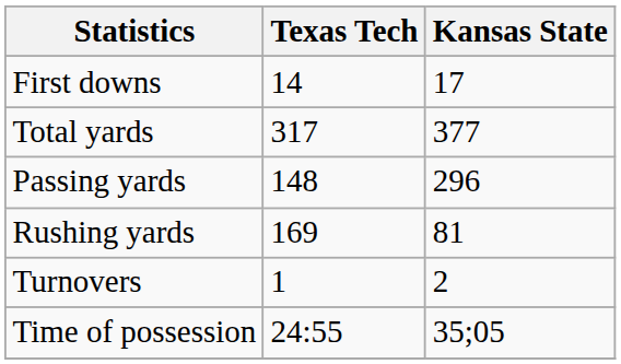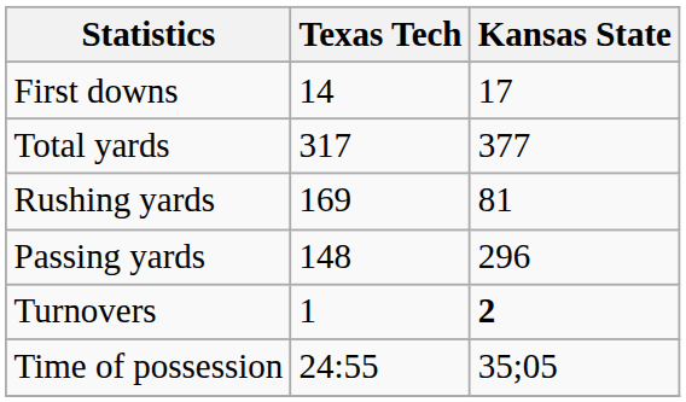 <table class="wikitable" style="float: left;">
 <tr>
 <th>Statistics</th>
 <th>Texas Tech</th>
 <th>Kansas State</th>
 </tr>
 <tr>
 <td>First downs</td>
 <td>14</td>
 <td>17</td>
 </tr>
 <tr>
 <td>Total yards</td>
 <td>317</td>
 <td>377</td>
 </tr>
 <tr>
+<td>Rushing yards</td>
+<td>169</td>
+<td>81</td>
+</tr>
+<tr>
 <td>Passing yards</td>
 <td>148</td>
 <td>296</td>
 </tr>
 <tr>
-<td>Rushing yards</td>
-<td>169</td>
-<td>81</td>
-</tr>
-<tr>
 <td>Turnovers</td>
 <td>1</td>
-<td>2</td>
+<td><strong>2</strong></td>
 </tr>
 <tr>
 <td>Time of possession</td>
 <td>24:55</td>
 <td>35;05</td>
 </tr>
 <tr>
 </tr>
 </table>
